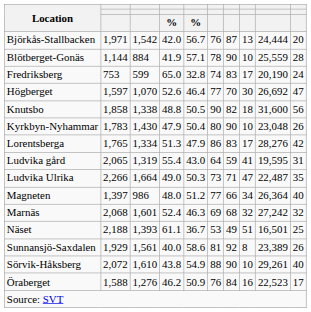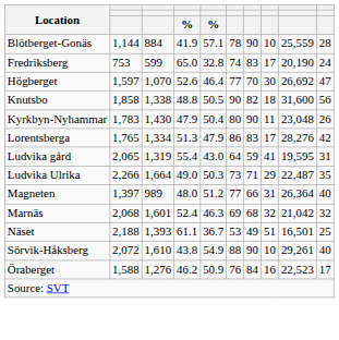 <table role="presentation" class="wikitable sortable mw-collapsible">
 <tr>
 <th rowspan="3">Location</th>
 <th></th>
 <th></th>
 <th></th>
 <th></th>
 <th></th>
 <th></th>
 <th></th>
 <th></th>
 <th></th>
 </tr>
 <tr>
 <th></th>
 <th></th>
 <th style="background:"></th>
 <th style="background:"></th>
 <th></th>
 <th></th>
 <th></th>
 <th></th>
 <th></th>
 </tr>
 <tr>
 <th data-sort-type="number"></th>
 <th data-sort-type="number"></th>
 <th data-sort-type="number">%</th>
 <th data-sort-type="number">%</th>
 <th data-sort-type="number"></th>
 <th data-sort-type="number"></th>
 <th data-sort-type="number"></th>
 <th data-sort-type="number"></th>
 <th data-sort-type="number"></th>
-</tr>
-<tr>
-<td align="left">Björkås-Stallbacken</td>
-<td>1,971</td>
-<td>1,542</td>
-<td>42.0</td>
-<td>56.7</td>
-<td>76</td>
-<td>87</td>
-<td>13</td>
-<td>24,444</td>
-<td>20</td>
 </tr>
 <tr>
 <td align="left">Blötberget-Gonäs</td>
 <td>1,144</td>
 <td>884</td>
 <td>41.9</td>
 <td>57.1</td>
 <td>78</td>
 <td>90</td>
 <td>10</td>
 <td>25,559</td>
 <td>28</td>
 </tr>
 <tr>
 <td align="left">Fredriksberg</td>
 <td>753</td>
 <td>599</td>
 <td>65.0</td>
 <td>32.8</td>
 <td>74</td>
 <td>83</td>
 <td>17</td>
 <td>20,190</td>
 <td>24</td>
 </tr>
 <tr>
 <td align="left">Högberget</td>
 <td>1,597</td>
 <td>1,070</td>
 <td>52.6</td>
 <td>46.4</td>
 <td>77</td>
 <td>70</td>
 <td>30</td>
 <td>26,692</td>
 <td>47</td>
 </tr>
 <tr>
 <td align="left">Knutsbo</td>
 <td>1,858</td>
 <td>1,338</td>
 <td>48.8</td>
 <td>50.5</td>
 <td>90</td>
 <td>82</td>
 <td>18</td>
 <td>31,600</td>
 <td>56</td>
 </tr>
 <tr>
 <td align="left">Kyrkbyn-Nyhammar</td>
 <td>1,783</td>
 <td>1,430</td>
 <td>47.9</td>
 <td>50.4</td>
 <td>80</td>
 <td>90</td>
-<td>10</td>
+<td>11</td>
 <td>23,048</td>
 <td>26</td>
 </tr>
 <tr>
 <td align="left">Lorentsberga</td>
 <td>1,765</td>
 <td>1,334</td>
 <td>51.3</td>
 <td>47.9</td>
 <td>86</td>
 <td>83</td>
 <td>17</td>
 <td>28,276</td>
 <td>42</td>
 </tr>
 <tr>
 <td align="left">Ludvika gård</td>
 <td>2,065</td>
 <td>1,319</td>
 <td>55.4</td>
 <td>43.0</td>
 <td>64</td>
 <td>59</td>
 <td>41</td>
 <td>19,595</td>
 <td>31</td>
 </tr>
 <tr>
 <td align="left">Ludvika Ulrika</td>
 <td>2,266</td>
 <td>1,664</td>
 <td>49.0</td>
 <td>50.3</td>
 <td>73</td>
 <td>71</td>
-<td>47</td>
+<td>29</td>
 <td>22,487</td>
 <td>35</td>
 </tr>
 <tr>
 <td align="left">Magneten</td>
 <td>1,397</td>
-<td>986</td>
+<td>989</td>
 <td>48.0</td>
 <td>51.2</td>
 <td>77</td>
 <td>66</td>
-<td>34</td>
+<td>31</td>
 <td>26,364</td>
 <td>40</td>
 </tr>
 <tr>
 <td align="left">Marnäs</td>
 <td>2,068</td>
 <td>1,601</td>
 <td>52.4</td>
 <td>46.3</td>
 <td>69</td>
 <td>68</td>
 <td>32</td>
-<td>27,242</td>
+<td>21,042</td>
 <td>32</td>
 </tr>
 <tr>
 <td align="left">Näset</td>
 <td>2,188</td>
 <td>1,393</td>
 <td>61.1</td>
 <td>36.7</td>
 <td>53</td>
 <td>49</td>
 <td>51</td>
 <td>16,501</td>
 <td>25</td>
-</tr>
-<tr>
-<td align="left">Sunnansjö-Saxdalen</td>
-<td>1,929</td>
-<td>1,561</td>
-<td>40.0</td>
-<td>58.6</td>
-<td>81</td>
-<td>92</td>
-<td>8</td>
-<td>23,389</td>
-<td>26</td>
 </tr>
 <tr>
 <td align="left">Sörvik-Håksberg</td>
 <td>2,072</td>
 <td>1,610</td>
 <td>43.8</td>
 <td>54.9</td>
 <td>88</td>
 <td>90</td>
 <td>10</td>
 <td>29,261</td>
 <td>40</td>
 </tr>
 <tr>
 <td align="left">Öraberget</td>
 <td>1,588</td>
 <td>1,276</td>
 <td>46.2</td>
 <td>50.9</td>
 <td>76</td>
 <td>84</td>
 <td>16</td>
 <td>22,523</td>
 <td>17</td>
 </tr>
 <tr>
 <td colspan="10" align="left">Source: <a href='#'>SVT</a></td>
 </tr>
 </table>
